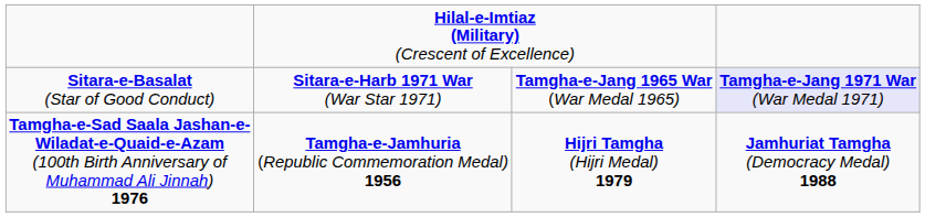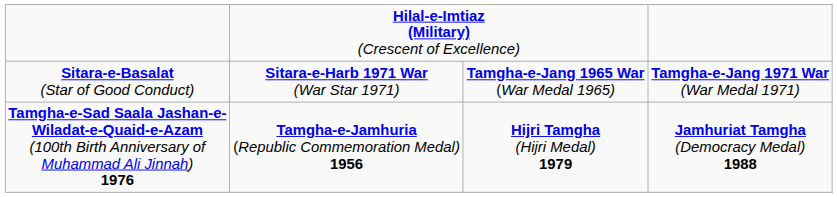 <table class="wikitable" style="margin:1em auto; text-align:center;">
 <tr>
 <td></td>
 <td colspan="2"><a href='#'><strong>Hilal-e-Imtiaz</strong></a><br><strong><a href='#'>(Military)</a></strong><br><em>(Crescent of Excellence)</em></td>
 <td></td>
 </tr>
 <tr>
 <td><strong><a href='#'>Sitara-e-Basalat</a></strong><br><em>(Star of Good Conduct)</em></td>
 <td><strong><a href='#'>Sitara-e-Harb 1971 War</a></strong><br><em>(War Star 1971)</em></td>
 <td><strong><a href='#'>Tamgha-e-Jang 1965 War</a></strong><br>(<em>War Medal 1965)</em></td>
-<td style="background: lavender;"><strong><a href='#'>Tamgha-e-Jang 1971 War</a></strong><br><em>(War Medal 1971)</em></td>
+<td><strong><a href='#'>Tamgha-e-Jang 1971 War</a></strong><br><em>(War Medal 1971)</em></td>
 </tr>
 <tr>
 <td><strong><a href='#'>Tamgha-e-Sad Saala Jashan-e-</a></strong><br><strong><a href='#'>Wiladat-e-Quaid-e-Azam</a></strong><br><em>(100th Birth Anniversary of</em><br><em><a href='#'>Muhammad Ali Jinnah</a>)</em><br><strong>1976</strong></td>
 <td><strong><a href='#'>Tamgha-e-Jamhuria</a></strong><br>(<em>Republic Commemoration Medal)</em><br><strong>1956</strong></td>
 <td><strong><a href='#'>Hijri Tamgha</a></strong><br><em>(Hijri Medal)</em><br><strong>1979</strong></td>
 <td><strong><a href='#'>Jamhuriat Tamgha</a></strong><br><em>(Democracy Medal)</em><br><strong>1988</strong></td>
 </tr>
 </table>
